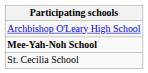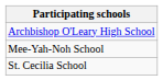 <table class="wikitable" align=right>
 <tr>
 <th>Participating schools</th>
 </tr>
 <tr>
 <td><a href='#'>Archbishop O'Leary High School</a></td>
 </tr>
 <tr>
-<td><strong>Mee-Yah-Noh School</strong></td>
+<td>Mee-Yah-Noh School</td>
 </tr>
 <tr>
 <td>St. Cecilia School</td>
 </tr>
 </table>
